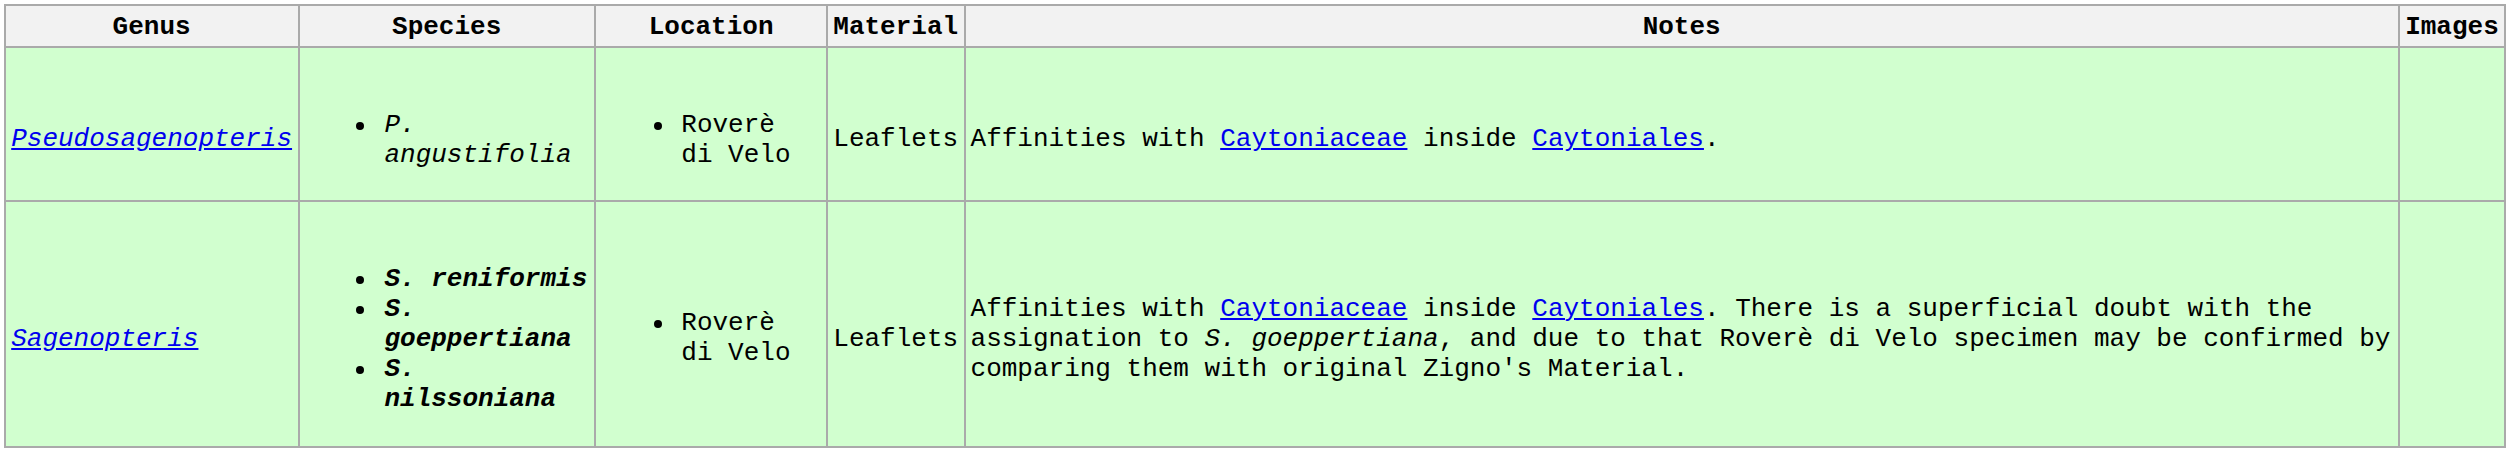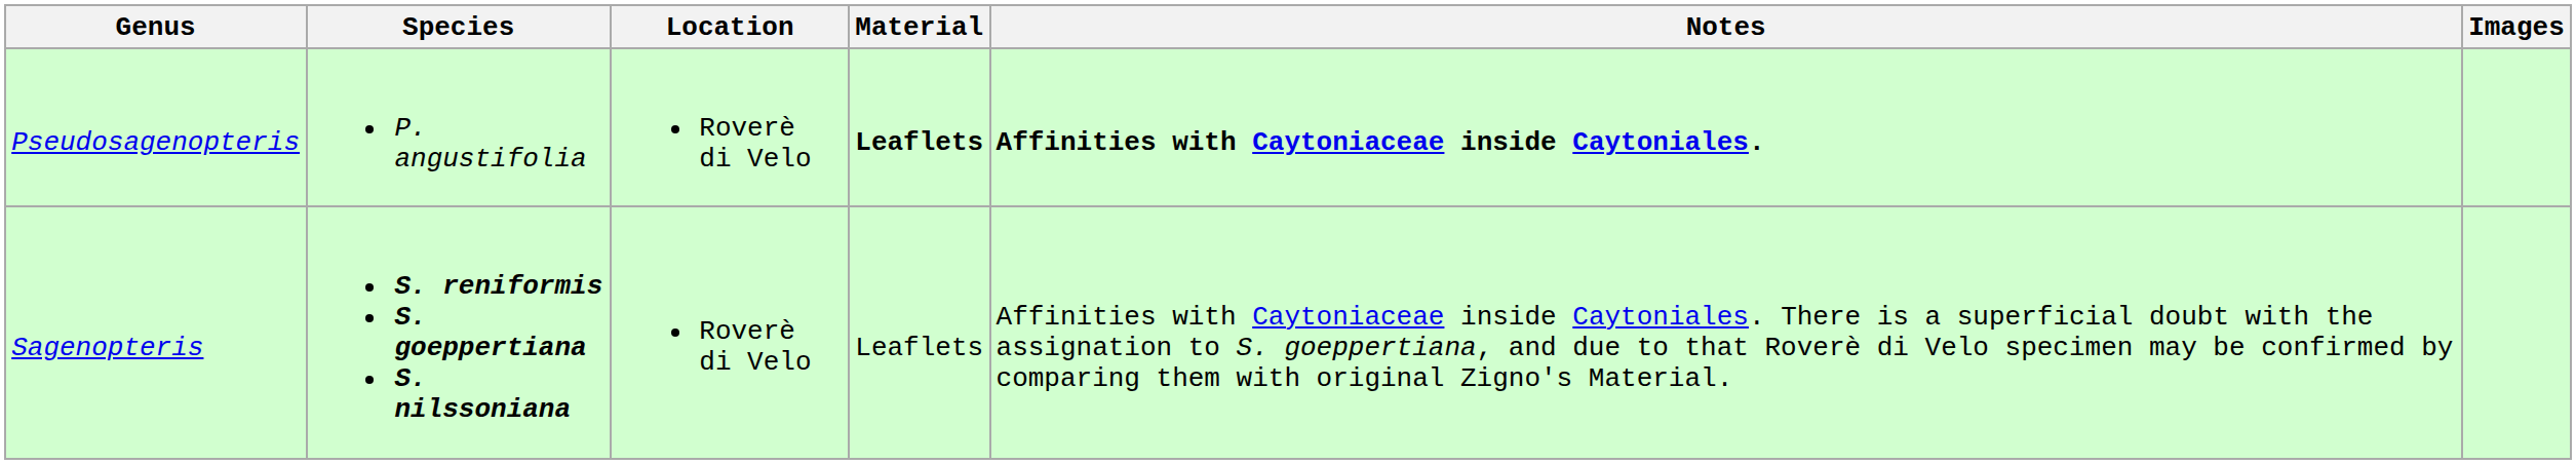 <table class="wikitable sortable">
 <tr>
 <th>Genus</th>
 <th>Species</th>
 <th>Location</th>
 <th>Material</th>
 <th>Notes</th>
 <th>Images</th>
 </tr>
 <tr>
 <td style="background:#D1FFCF;"><br><em><a href='#'>Pseudosagenopteris</a></em></td>
 <td style="background:#D1FFCF;"><br><ul><li><em>P. angustifolia</em></li></ul></td>
 <td style="background:#D1FFCF;"><br><ul><li>Roverè di Velo</li></ul></td>
-<td style="background:#D1FFCF;"><br>Leaflets</td>
-<td style="background:#D1FFCF;"><br>Affinities with <a href='#'>Caytoniaceae</a>  inside <a href='#'>Caytoniales</a>.</td>
+<td style="background:#D1FFCF;"><strong><br>Leaflets</strong></td>
+<td style="background:#D1FFCF;"><strong><br>Affinities with <a href='#'>Caytoniaceae</a>  inside <a href='#'>Caytoniales</a>.</strong></td>
 <td style="background:#D1FFCF;"></td>
 </tr>
 <tr>
 <td style="background:#D1FFCF;"><br><em><a href='#'>Sagenopteris</a></em></td>
 <td style="background:#D1FFCF;"><strong><br><ul><li><em>S. reniformis</em></li><li><em>S. goeppertiana</em></li><li><em>S. nilssoniana</em></li></ul></strong></td>
 <td style="background:#D1FFCF;"><br><ul><li>Roverè di Velo</li></ul></td>
 <td style="background:#D1FFCF;"><br>Leaflets</td>
 <td style="background:#D1FFCF;"><br>Affinities with <a href='#'>Caytoniaceae</a> inside <a href='#'>Caytoniales</a>. There is a superficial doubt with the assignation to <em>S. goeppertiana</em>, and due to that Roverè di Velo specimen may be confirmed by comparing them with original Zigno's Material.</td>
 <td style="background:#D1FFCF;"><br></td>
 </tr>
 <tr>
 </tr>
 </table>
